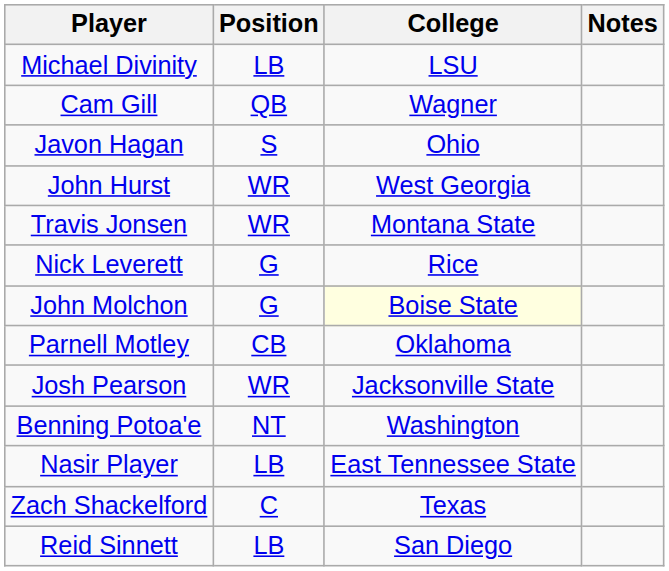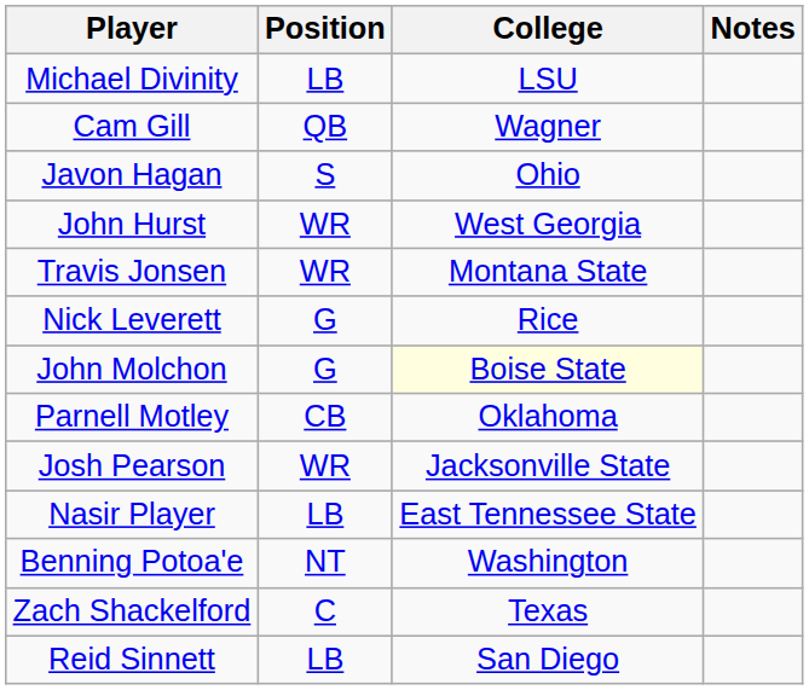 <table class="wikitable" style="text-align:center">
 <tr>
 <th>Player</th>
 <th>Position</th>
 <th>College</th>
 <th>Notes</th>
 </tr>
 <tr>
 <td><a href='#'>Michael Divinity</a></td>
 <td><a href='#'>LB</a></td>
 <td><a href='#'>LSU</a></td>
 <td></td>
 </tr>
 <tr>
 <td><a href='#'>Cam Gill</a></td>
 <td><a href='#'>QB</a></td>
 <td><a href='#'>Wagner</a></td>
 <td></td>
 </tr>
 <tr>
 <td><a href='#'>Javon Hagan</a></td>
 <td><a href='#'>S</a></td>
 <td><a href='#'>Ohio</a></td>
 <td></td>
 </tr>
 <tr>
 <td><a href='#'>John Hurst</a></td>
 <td><a href='#'>WR</a></td>
 <td><a href='#'>West Georgia</a></td>
 <td></td>
 </tr>
 <tr>
 <td><a href='#'>Travis Jonsen</a></td>
 <td><a href='#'>WR</a></td>
 <td><a href='#'>Montana State</a></td>
 <td></td>
 </tr>
 <tr>
 <td><a href='#'>Nick Leverett</a></td>
 <td><a href='#'>G</a></td>
 <td><a href='#'>Rice</a></td>
 <td></td>
 </tr>
 <tr>
 <td><a href='#'>John Molchon</a></td>
 <td><a href='#'>G</a></td>
 <td style="background: lightyellow;"><a href='#'>Boise State</a></td>
 <td></td>
 </tr>
 <tr>
 <td><a href='#'>Parnell Motley</a></td>
 <td><a href='#'>CB</a></td>
 <td><a href='#'>Oklahoma</a></td>
 <td></td>
 </tr>
 <tr>
 <td><a href='#'>Josh Pearson</a></td>
 <td><a href='#'>WR</a></td>
 <td><a href='#'>Jacksonville State</a></td>
 <td></td>
 </tr>
 <tr>
+<td><a href='#'>Nasir Player</a></td>
+<td><a href='#'>LB</a></td>
+<td><a href='#'>East Tennessee State</a></td>
+<td></td>
+</tr>
+<tr>
 <td><a href='#'>Benning Potoa'e</a></td>
 <td><a href='#'>NT</a></td>
 <td><a href='#'>Washington</a></td>
-<td></td>
-</tr>
-<tr>
-<td><a href='#'>Nasir Player</a></td>
-<td><a href='#'>LB</a></td>
-<td><a href='#'>East Tennessee State</a></td>
 <td></td>
 </tr>
 <tr>
 <td><a href='#'>Zach Shackelford</a></td>
 <td><a href='#'>C</a></td>
 <td><a href='#'>Texas</a></td>
 <td></td>
 </tr>
 <tr>
 <td><a href='#'>Reid Sinnett</a></td>
 <td><a href='#'>LB</a></td>
 <td><a href='#'>San Diego</a></td>
 <td></td>
 </tr>
 </table>
